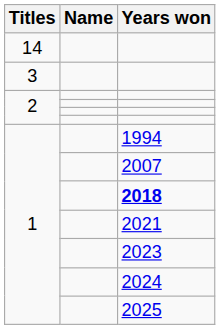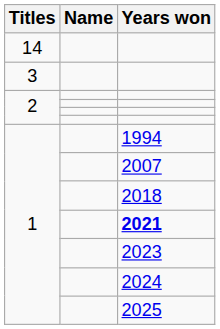 <table class="wikitable style="font-size:100%; text-align: left; width:70%">
 <tr>
 <th>Titles</th>
 <th>Name</th>
 <th>Years won</th>
 </tr>
 <tr>
 <td align=center>14</td>
 <td></td>
 <td></td>
 </tr>
 <tr>
 <td align=center>3</td>
 <td></td>
 <td></td>
 </tr>
 <tr>
 <td align=center rowspan=4>2</td>
 <td></td>
 <td></td>
 </tr>
 <tr>
 <td></td>
 <td></td>
 </tr>
 <tr>
 <td></td>
 <td></td>
 </tr>
 <tr>
 <td></td>
 <td></td>
 </tr>
 <tr>
 <td align=center rowspan=7>1</td>
 <td></td>
 <td><a href='#'>1994</a></td>
 </tr>
 <tr>
 <td></td>
 <td><a href='#'>2007</a></td>
 </tr>
 <tr>
 <td></td>
-<td><strong><a href='#'>2018</a></strong></td>
+<td><a href='#'>2018</a></td>
 </tr>
 <tr>
 <td></td>
-<td><a href='#'>2021</a></td>
+<td><strong><a href='#'>2021</a></strong></td>
 </tr>
 <tr>
 <td></td>
 <td><a href='#'>2023</a></td>
 </tr>
 <tr>
 <td></td>
 <td><a href='#'>2024</a></td>
 </tr>
 <tr>
 <td></td>
 <td><a href='#'>2025</a></td>
 </tr>
 </table>
